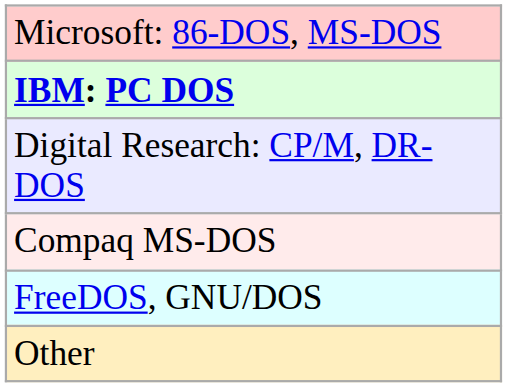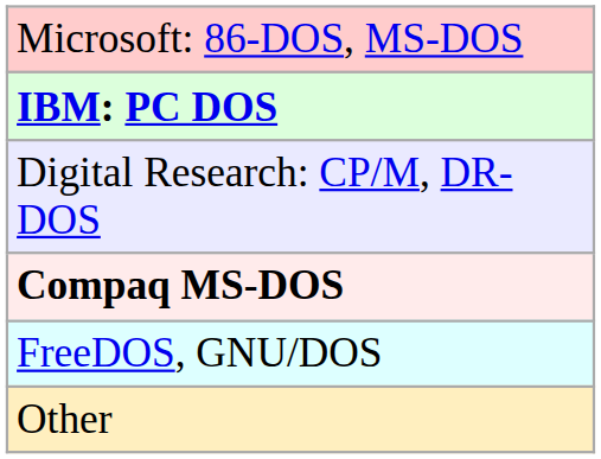 <table class=wikitable style="float: right;" width="225">
 <tr>
 <td style="background: #ffcccc;">Microsoft: <a href='#'>86-DOS</a>, <a href='#'>MS-DOS</a></td>
 </tr>
 <tr>
 <td style="background: #dcffdc;"><strong><a href='#'>IBM</a>: <a href='#'>PC DOS</a></strong></td>
 </tr>
 <tr>
 <td style="background: #eaeaff;">Digital Research: <a href='#'>CP/M</a>, <a href='#'>DR-DOS</a></td>
 </tr>
 <tr>
-<td style="background: #ffebeb;">Compaq MS-DOS</td>
+<td style="background: #ffebeb;"><strong>Compaq MS-DOS</strong></td>
 </tr>
 <tr>
 <td style="background: #ddffff;"><a href='#'>FreeDOS</a>, GNU/DOS</td>
 </tr>
 <tr>
 <td style="background: #ffefbf;">Other</td>
 </tr>
 </table>
